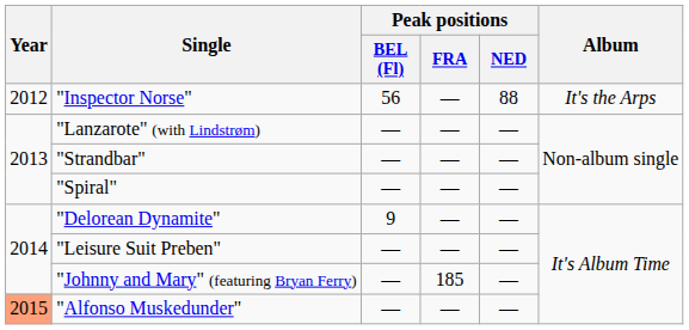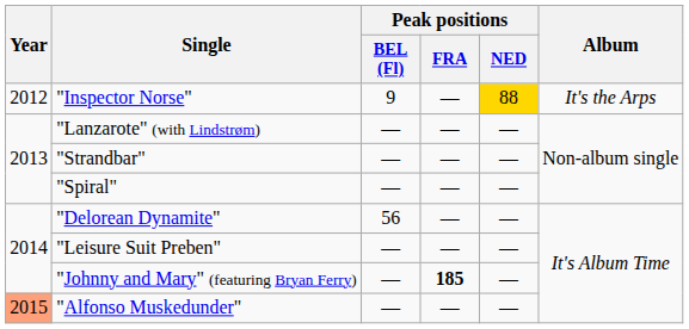 <table class="wikitable">
 <tr>
 <th rowspan="2" style="text-align:center; width:10px;">Year</th>
 <th rowspan="2" style="text-align:center;">Single</th>
 <th colspan="3" style="text-align:center; width:20px;">Peak positions</th>
 <th rowspan="2" style="text-align:center;">Album</th>
 </tr>
 <tr>
 <th scope="col" style="width:3em;font-size:90%;"><a href='#'>BEL<br>(Fl)</a><br></th>
 <th scope="col" style="width:3em;font-size:90%;"><a href='#'>FRA</a><br></th>
 <th scope="col" style="width:3em;font-size:90%;"><a href='#'>NED</a> <br></th>
 </tr>
 <tr>
 <td style="text-align:center;">2012</td>
 <td>"<a href='#'>Inspector Norse</a>"</td>
-<td style="text-align:center;">56</td>
+<td style="text-align:center;">9</td>
 <td style="text-align:center;">—</td>
-<td style="text-align:center;">88</td>
+<td style="background: gold; text-align:center;">88</td>
 <td style="text-align:center;"><em>It's the Arps</em></td>
 </tr>
 <tr>
 <td style="text-align:center;" rowspan="3">2013</td>
 <td>"Lanzarote" <small>(with <a href='#'>Lindstrøm</a>)</small></td>
 <td style="text-align:center;">—</td>
 <td style="text-align:center;">—</td>
 <td style="text-align:center;">—</td>
 <td style="text-align:center;" rowspan="3">Non-album single</td>
 </tr>
 <tr>
 <td>"Strandbar"</td>
 <td style="text-align:center;">—</td>
 <td style="text-align:center;">—</td>
 <td style="text-align:center;">—</td>
 </tr>
 <tr>
 <td>"Spiral"</td>
 <td style="text-align:center;">—</td>
 <td style="text-align:center;">—</td>
 <td style="text-align:center;">—</td>
 </tr>
 <tr>
 <td style="text-align:center;" rowspan="3">2014</td>
 <td>"<a href='#'>Delorean Dynamite</a>"</td>
-<td style="text-align:center;">9</td>
+<td style="text-align:center;">56</td>
 <td style="text-align:center;">—</td>
 <td style="text-align:center;">—</td>
 <td style="text-align:center;" rowspan="4"><em>It's Album Time</em></td>
 </tr>
 <tr>
 <td>"Leisure Suit Preben"</td>
 <td style="text-align:center;">—</td>
 <td style="text-align:center;">—</td>
 <td style="text-align:center;">—</td>
 </tr>
 <tr>
 <td>"<a href='#'>Johnny and Mary</a>" <small>(featuring <a href='#'>Bryan Ferry</a>)</small></td>
 <td style="text-align:center;">—</td>
-<td style="text-align:center;">185</td>
+<td style="text-align:center;"><strong>185</strong></td>
 <td style="text-align:center;">—</td>
 </tr>
 <tr>
 <td style="background: lightsalmon; text-align:center;">2015</td>
 <td>"<a href='#'>Alfonso Muskedunder</a>"</td>
 <td style="text-align:center;">—</td>
 <td style="text-align:center;">—</td>
 <td style="text-align:center;">—</td>
 </tr>
 </table>
